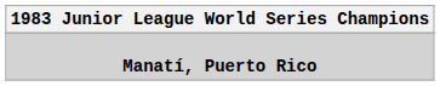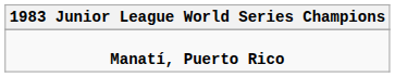 <table class="wikitable" style="text-align: center; margin: 0 auto;">
 <tr>
 <th>1983 Junior League World Series Champions</th>
 </tr>
 <tr>
 </tr>
 <tr>
-<td style="background: lightgrey;"><br><strong>Manatí, Puerto Rico</strong></td>
+<td><br><strong>Manatí, Puerto Rico</strong></td>
 </tr>
 </table>
